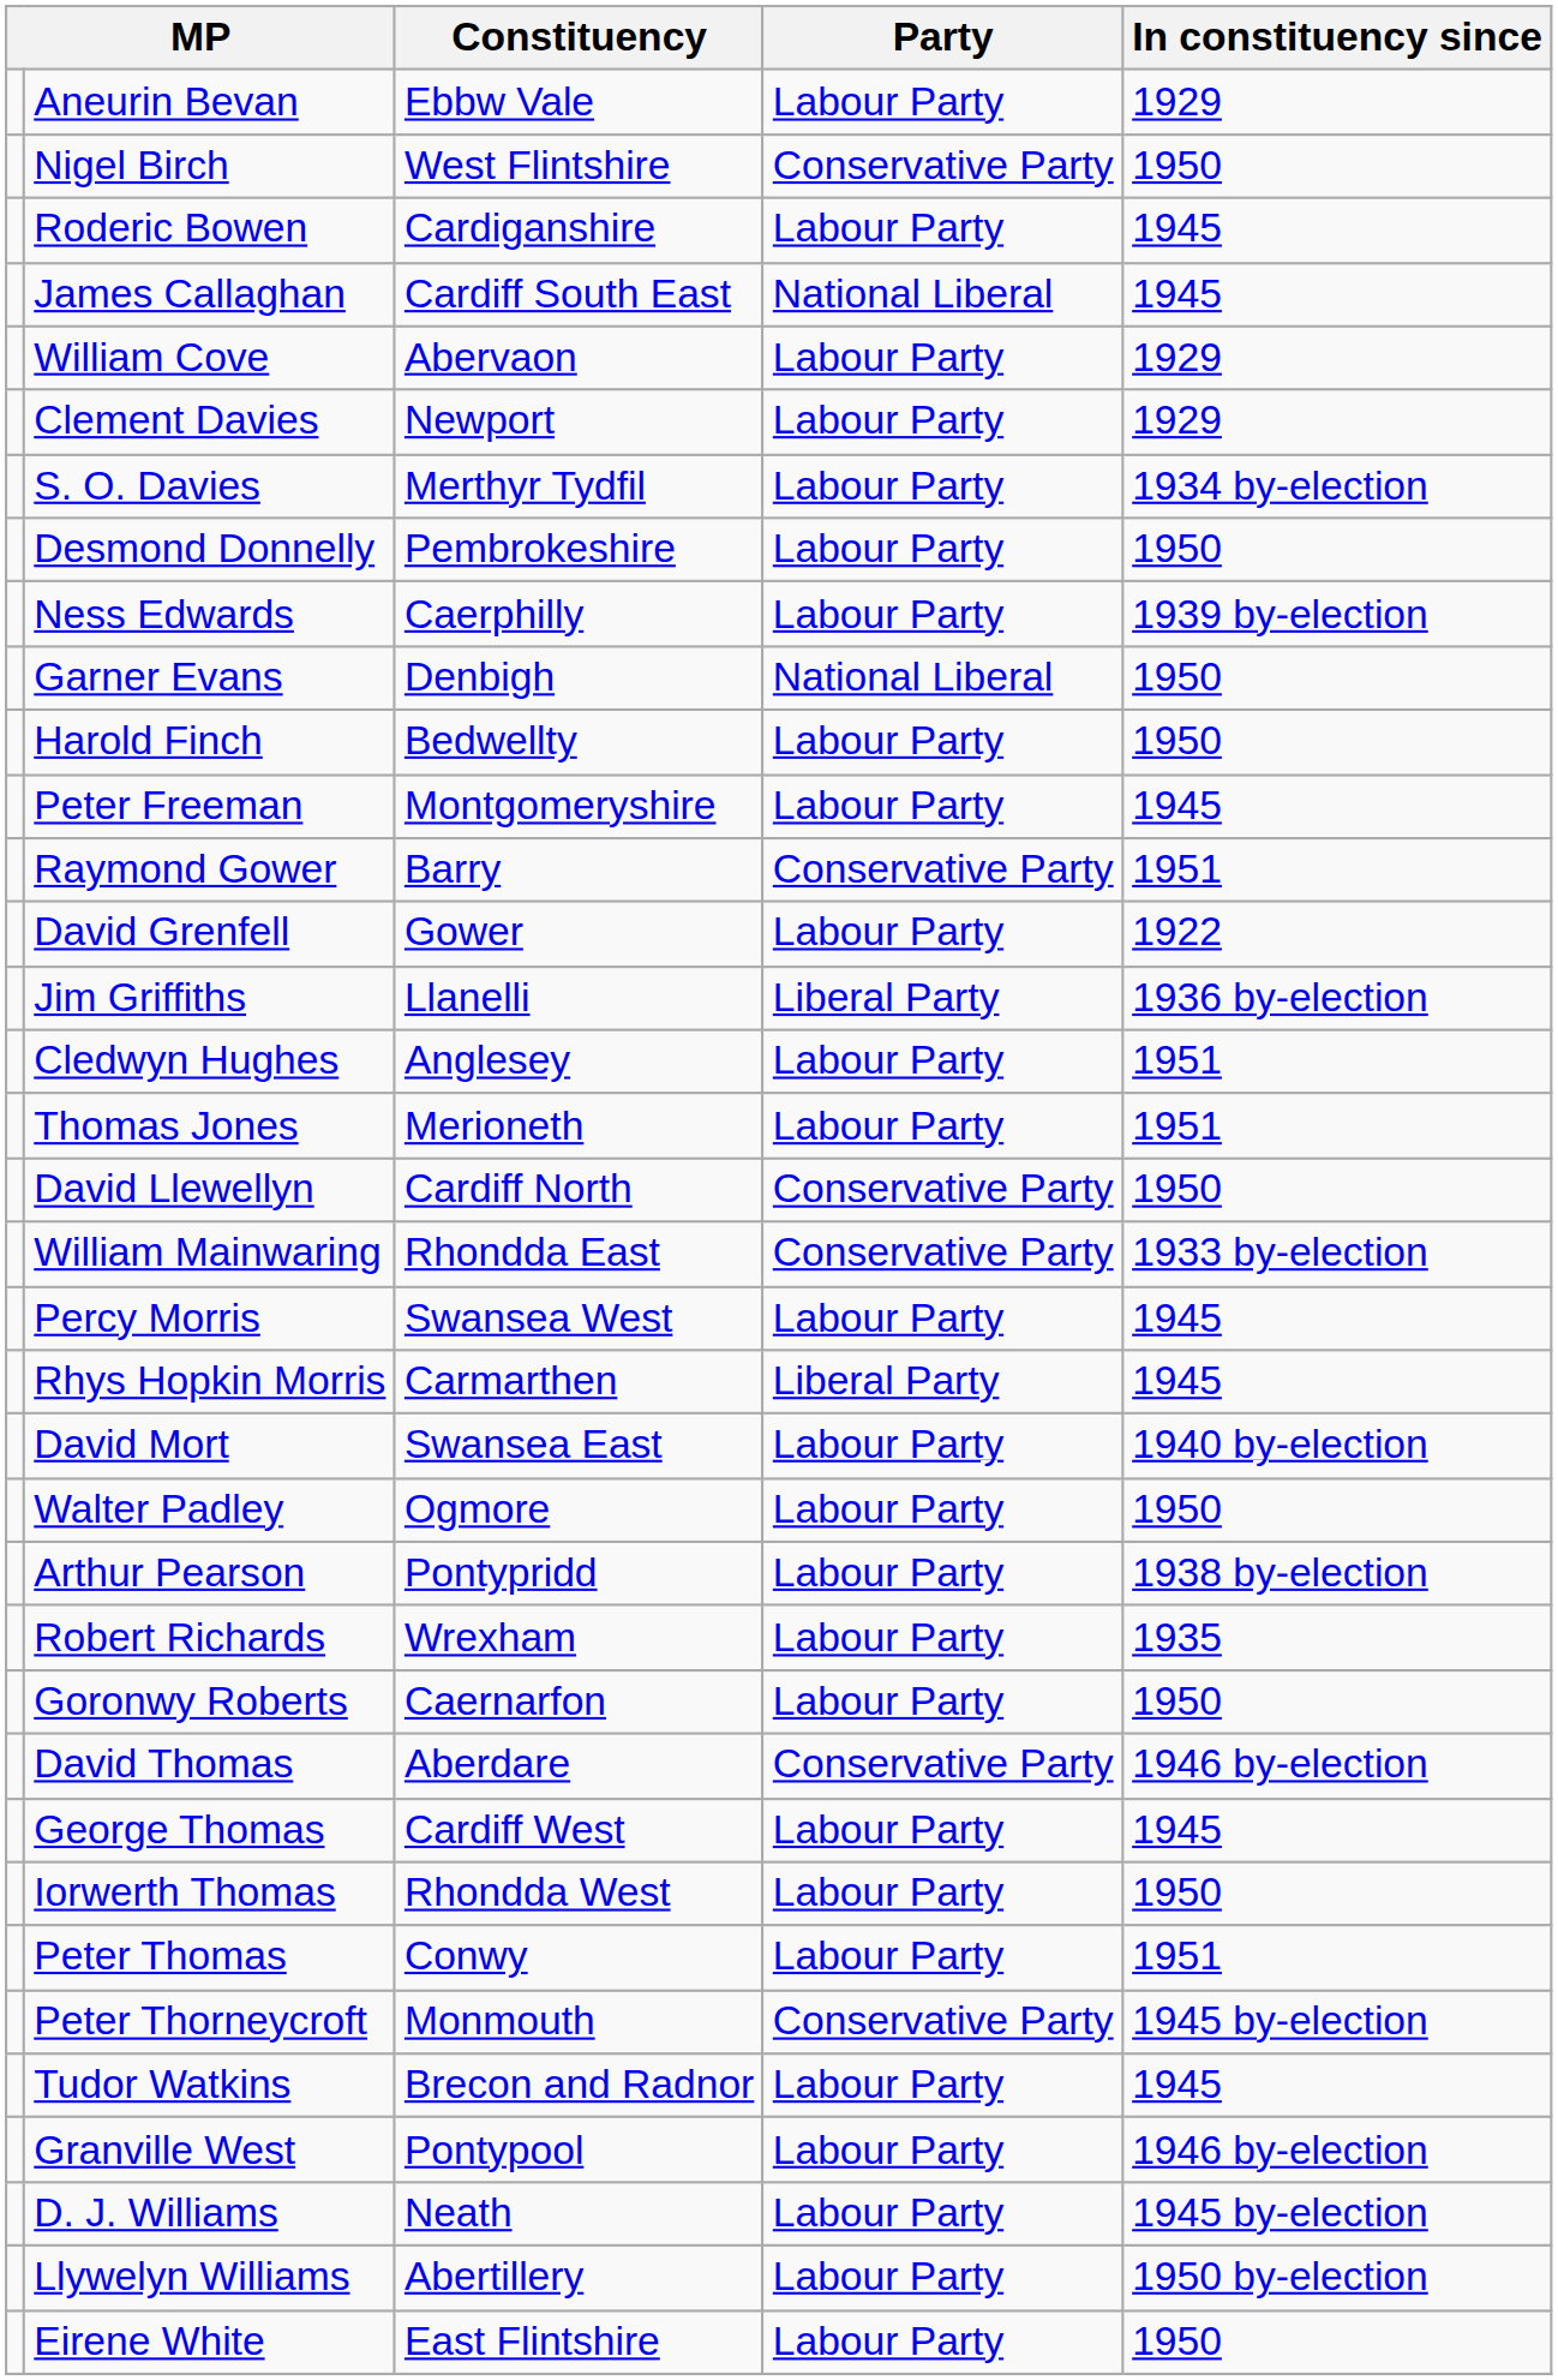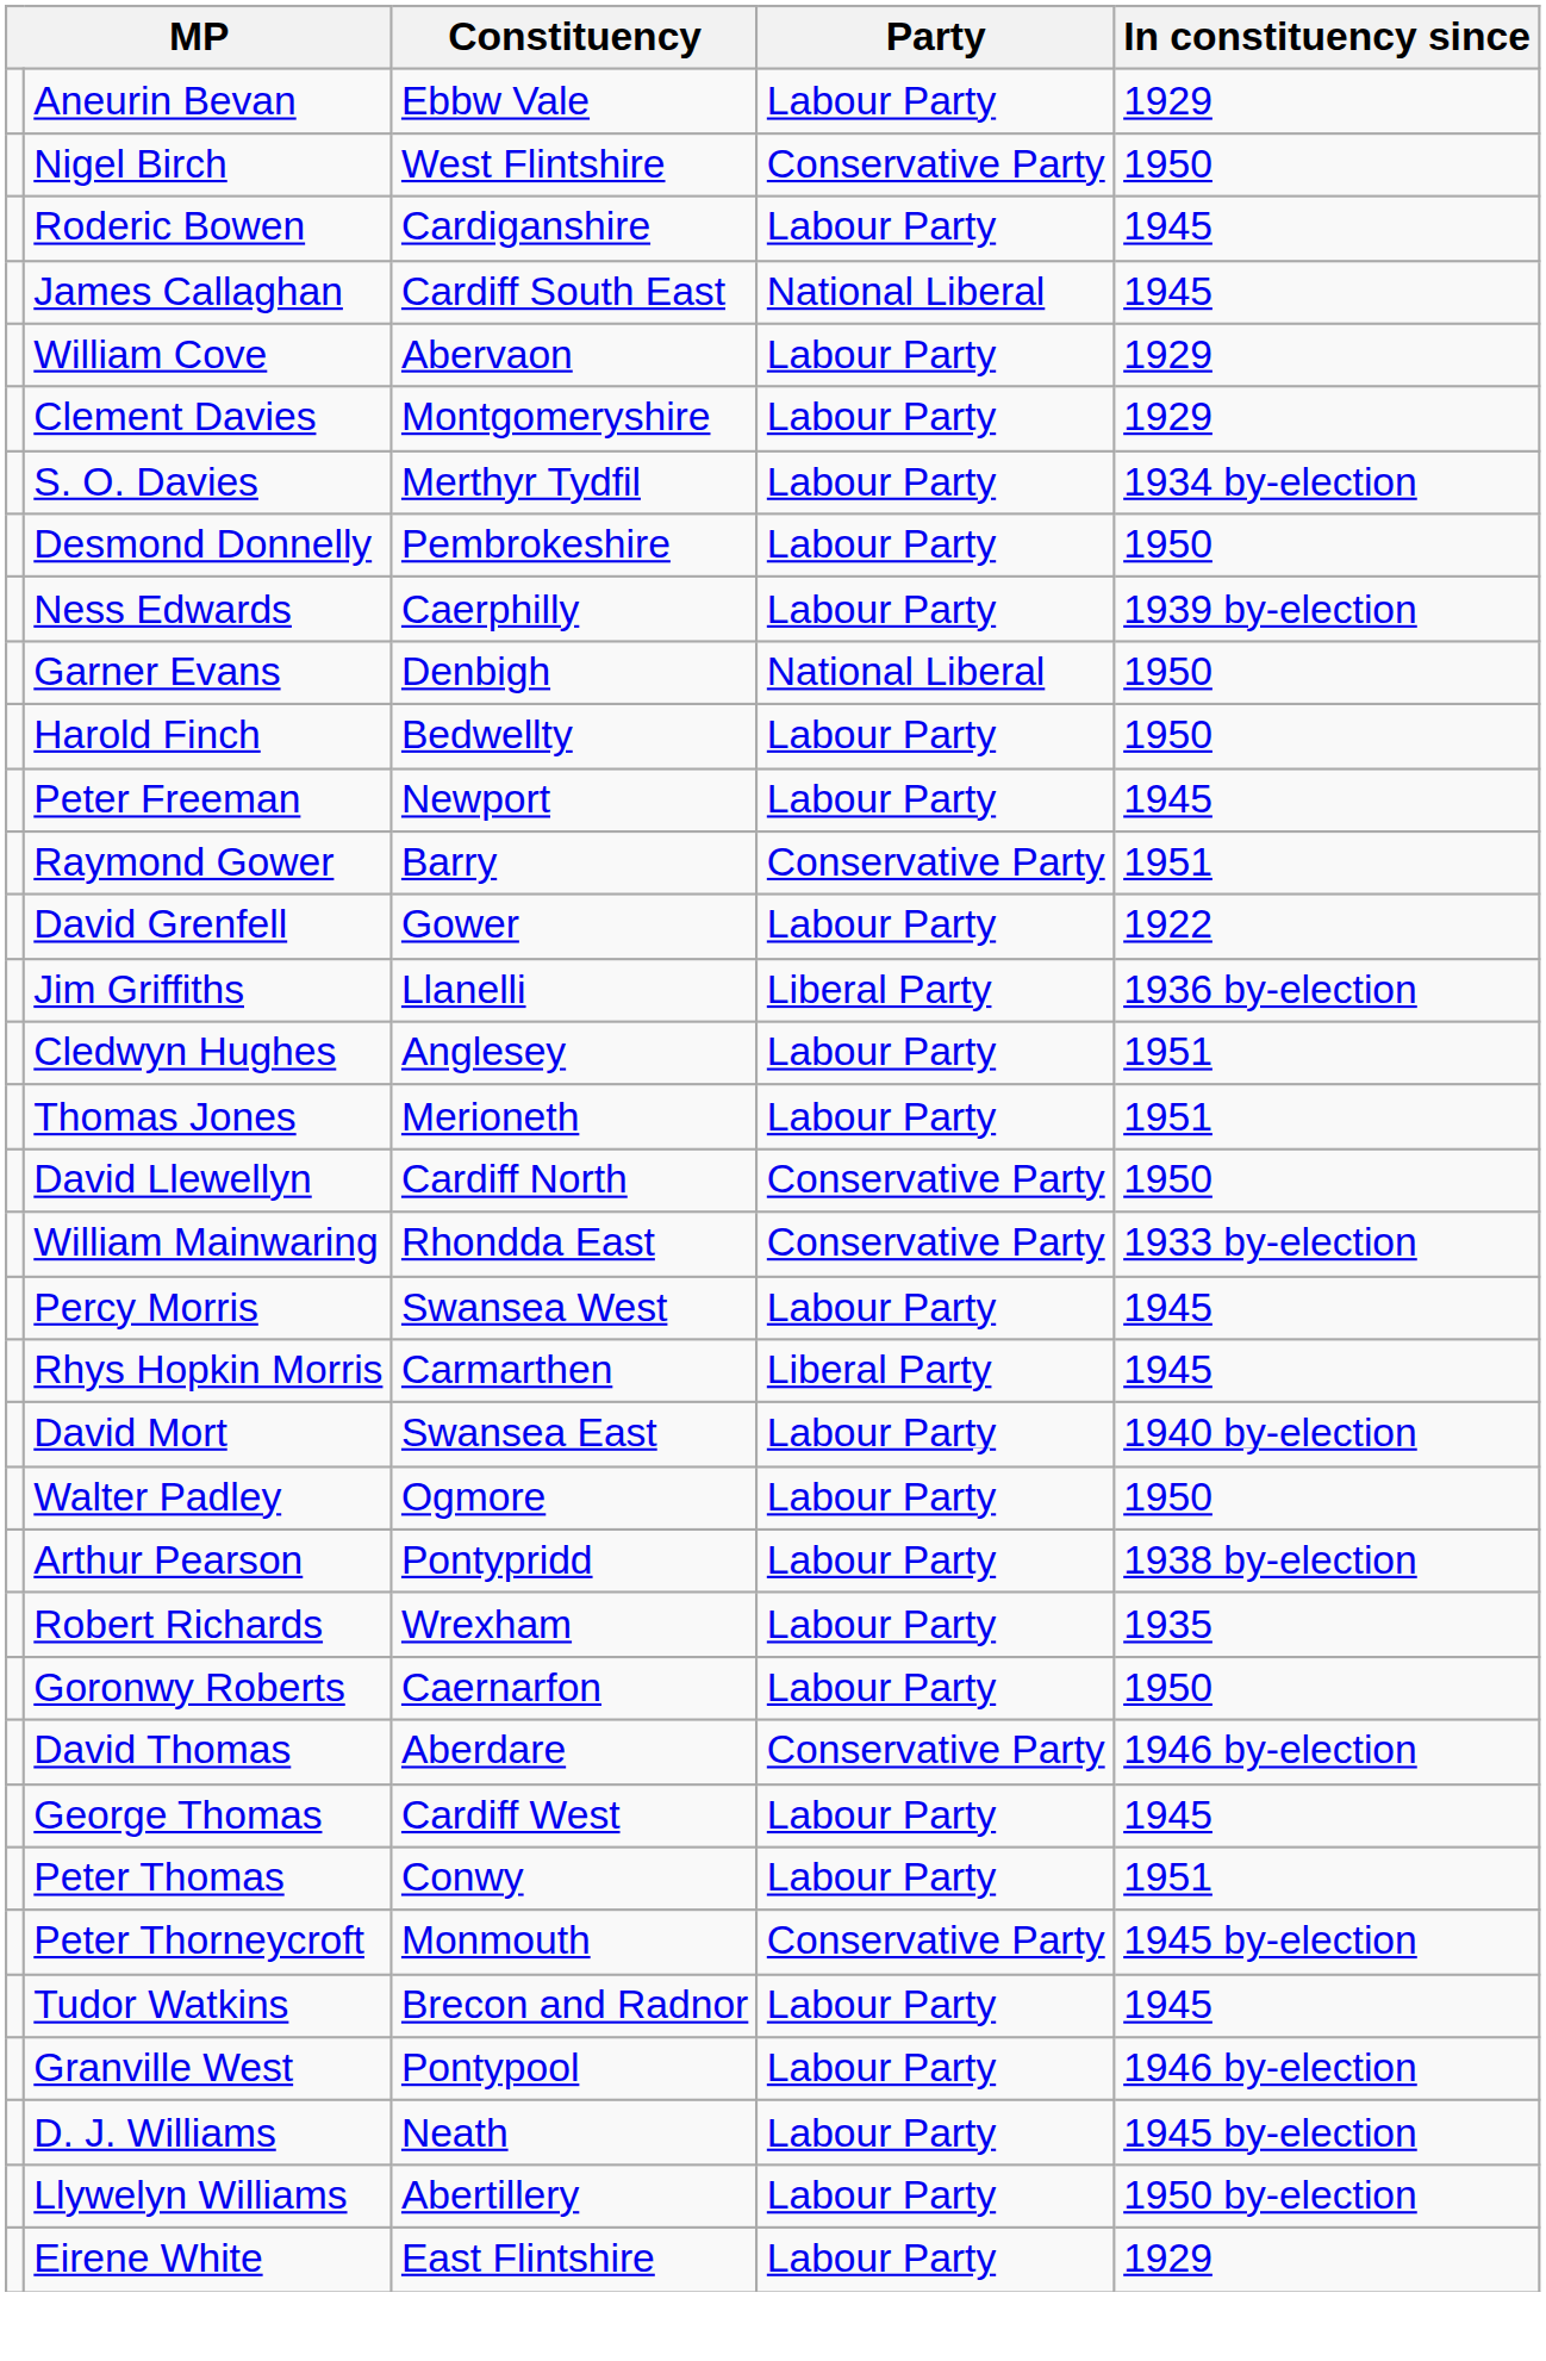 <table class="wikitable sortable">
 <tr>
 <th colspan="2">MP</th>
 <th>Constituency</th>
 <th>Party</th>
 <th>In constituency since</th>
 </tr>
 <tr>
 <td style="color:inherit;background-color: "></td>
 <td><a href='#'>Aneurin Bevan</a></td>
 <td><a href='#'>Ebbw Vale</a></td>
 <td><a href='#'>Labour Party</a></td>
 <td><a href='#'>1929</a></td>
 </tr>
 <tr>
 <td style="color:inherit;background-color: "></td>
 <td><a href='#'>Nigel Birch</a></td>
 <td><a href='#'>West Flintshire</a></td>
 <td><a href='#'>Conservative Party</a></td>
 <td><a href='#'>1950</a></td>
 </tr>
 <tr>
 <td style="color:inherit;background-color: "></td>
 <td><a href='#'>Roderic Bowen</a></td>
 <td><a href='#'>Cardiganshire</a></td>
 <td><a href='#'>Labour Party</a></td>
 <td><a href='#'>1945</a></td>
 </tr>
 <tr>
 <td style="color:inherit;background-color: "></td>
 <td><a href='#'>James Callaghan</a></td>
 <td><a href='#'>Cardiff South East</a></td>
 <td><a href='#'>National Liberal</a></td>
 <td><a href='#'>1945</a></td>
 </tr>
 <tr>
 <td style="color:inherit;background-color: "></td>
 <td><a href='#'>William Cove</a></td>
 <td><a href='#'>Abervaon</a></td>
 <td><a href='#'>Labour Party</a></td>
 <td><a href='#'>1929</a></td>
 </tr>
 <tr>
 <td style="color:inherit;background-color: "></td>
 <td><a href='#'>Clement Davies</a></td>
-<td><a href='#'>Newport</a></td>
+<td><a href='#'>Montgomeryshire</a></td>
 <td><a href='#'>Labour Party</a></td>
 <td><a href='#'>1929</a></td>
 </tr>
 <tr>
 <td style="color:inherit;background-color: "></td>
 <td><a href='#'>S. O. Davies</a></td>
 <td><a href='#'>Merthyr Tydfil</a></td>
 <td><a href='#'>Labour Party</a></td>
 <td><a href='#'>1934 by-election</a></td>
 </tr>
 <tr>
 <td style="color:inherit;background-color: "></td>
 <td><a href='#'>Desmond Donnelly</a></td>
 <td><a href='#'>Pembrokeshire</a></td>
 <td><a href='#'>Labour Party</a></td>
 <td><a href='#'>1950</a></td>
 </tr>
 <tr>
 <td style="color:inherit;background-color: "></td>
 <td><a href='#'>Ness Edwards</a></td>
 <td><a href='#'>Caerphilly</a></td>
 <td><a href='#'>Labour Party</a></td>
 <td><a href='#'>1939 by-election</a></td>
 </tr>
 <tr>
 <td style="color:inherit;background-color: "></td>
 <td><a href='#'>Garner Evans</a></td>
 <td><a href='#'>Denbigh</a></td>
 <td><a href='#'>National Liberal</a></td>
 <td><a href='#'>1950</a></td>
 </tr>
 <tr>
 <td style="color:inherit;background-color: "></td>
 <td><a href='#'>Harold Finch</a></td>
 <td><a href='#'>Bedwellty</a></td>
 <td><a href='#'>Labour Party</a></td>
 <td><a href='#'>1950</a></td>
 </tr>
 <tr>
 <td style="color:inherit;background-color: "></td>
 <td><a href='#'>Peter Freeman</a></td>
-<td><a href='#'>Montgomeryshire</a></td>
+<td><a href='#'>Newport</a></td>
 <td><a href='#'>Labour Party</a></td>
 <td><a href='#'>1945</a></td>
 </tr>
 <tr>
 <td style="color:inherit;background-color: "></td>
 <td><a href='#'>Raymond Gower</a></td>
 <td><a href='#'>Barry</a></td>
 <td><a href='#'>Conservative Party</a></td>
 <td><a href='#'>1951</a></td>
 </tr>
 <tr>
 <td style="color:inherit;background-color: "></td>
 <td><a href='#'>David Grenfell</a></td>
 <td><a href='#'>Gower</a></td>
 <td><a href='#'>Labour Party</a></td>
 <td><a href='#'>1922</a></td>
 </tr>
 <tr>
 <td style="color:inherit;background-color: "></td>
 <td><a href='#'>Jim Griffiths</a></td>
 <td><a href='#'>Llanelli</a></td>
 <td><a href='#'>Liberal Party</a></td>
 <td><a href='#'>1936 by-election</a></td>
 </tr>
 <tr>
 <td style="color:inherit;background-color: "></td>
 <td><a href='#'>Cledwyn Hughes</a></td>
 <td><a href='#'>Anglesey</a></td>
 <td><a href='#'>Labour Party</a></td>
 <td><a href='#'>1951</a></td>
 </tr>
 <tr>
 <td style="color:inherit;background-color: "></td>
 <td><a href='#'>Thomas Jones</a></td>
 <td><a href='#'>Merioneth</a></td>
 <td><a href='#'>Labour Party</a></td>
 <td><a href='#'>1951</a></td>
 </tr>
 <tr>
 <td style="color:inherit;background-color: "></td>
 <td><a href='#'>David Llewellyn</a></td>
 <td><a href='#'>Cardiff North</a></td>
 <td><a href='#'>Conservative Party</a></td>
 <td><a href='#'>1950</a></td>
 </tr>
 <tr>
 <td style="color:inherit;background-color: "></td>
 <td><a href='#'>William Mainwaring</a></td>
 <td><a href='#'>Rhondda East</a></td>
 <td><a href='#'>Conservative Party</a></td>
 <td><a href='#'>1933 by-election</a></td>
 </tr>
 <tr>
 <td style="color:inherit;background-color: "></td>
 <td><a href='#'>Percy Morris</a></td>
 <td><a href='#'>Swansea West</a></td>
 <td><a href='#'>Labour Party</a></td>
 <td><a href='#'>1945</a></td>
 </tr>
 <tr>
 <td style="color:inherit;background-color: "></td>
 <td><a href='#'>Rhys Hopkin Morris</a></td>
 <td><a href='#'>Carmarthen</a></td>
 <td><a href='#'>Liberal Party</a></td>
 <td><a href='#'>1945</a></td>
 </tr>
 <tr>
 <td style="color:inherit;background-color: "></td>
 <td><a href='#'>David Mort</a></td>
 <td><a href='#'>Swansea East</a></td>
 <td><a href='#'>Labour Party</a></td>
 <td><a href='#'>1940 by-election</a></td>
 </tr>
 <tr>
 <td style="color:inherit;background-color: "></td>
 <td><a href='#'>Walter Padley</a></td>
 <td><a href='#'>Ogmore</a></td>
 <td><a href='#'>Labour Party</a></td>
 <td><a href='#'>1950</a></td>
 </tr>
 <tr>
 <td style="color:inherit;background-color: "></td>
 <td><a href='#'>Arthur Pearson</a></td>
 <td><a href='#'>Pontypridd</a></td>
 <td><a href='#'>Labour Party</a></td>
 <td><a href='#'>1938 by-election</a></td>
 </tr>
 <tr>
 <td style="color:inherit;background-color: "></td>
 <td><a href='#'>Robert Richards</a></td>
 <td><a href='#'>Wrexham</a></td>
 <td><a href='#'>Labour Party</a></td>
 <td><a href='#'>1935</a></td>
 </tr>
 <tr>
 <td style="color:inherit;background-color: "></td>
 <td><a href='#'>Goronwy Roberts</a></td>
 <td><a href='#'>Caernarfon</a></td>
 <td><a href='#'>Labour Party</a></td>
 <td><a href='#'>1950</a></td>
 </tr>
 <tr>
 <td style="color:inherit;background-color: "></td>
 <td><a href='#'>David Thomas</a></td>
 <td><a href='#'>Aberdare</a></td>
 <td><a href='#'>Conservative Party</a></td>
 <td><a href='#'>1946 by-election</a></td>
 </tr>
 <tr>
 <td style="color:inherit;background-color: "></td>
 <td><a href='#'>George Thomas</a></td>
 <td><a href='#'>Cardiff West</a></td>
 <td><a href='#'>Labour Party</a></td>
 <td><a href='#'>1945</a></td>
 </tr>
 <tr>
 <td style="color:inherit;background-color: "></td>
-<td><a href='#'>Iorwerth Thomas</a></td>
-<td><a href='#'>Rhondda West</a></td>
-<td><a href='#'>Labour Party</a></td>
-<td><a href='#'>1950</a></td>
-</tr>
-<tr>
-<td style="color:inherit;background-color: "></td>
 <td><a href='#'>Peter Thomas</a></td>
 <td><a href='#'>Conwy</a></td>
 <td><a href='#'>Labour Party</a></td>
 <td><a href='#'>1951</a></td>
 </tr>
 <tr>
 <td style="color:inherit;background-color: "></td>
 <td><a href='#'>Peter Thorneycroft</a></td>
 <td><a href='#'>Monmouth</a></td>
 <td><a href='#'>Conservative Party</a></td>
 <td><a href='#'>1945 by-election</a></td>
 </tr>
 <tr>
 <td style="color:inherit;background-color: "></td>
 <td><a href='#'>Tudor Watkins</a></td>
 <td><a href='#'>Brecon and Radnor</a></td>
 <td><a href='#'>Labour Party</a></td>
 <td><a href='#'>1945</a></td>
 </tr>
 <tr>
 <td style="color:inherit;background-color: "></td>
 <td><a href='#'>Granville West</a></td>
 <td><a href='#'>Pontypool</a></td>
 <td><a href='#'>Labour Party</a></td>
 <td><a href='#'>1946 by-election</a></td>
 </tr>
 <tr>
 <td style="color:inherit;background-color: "></td>
 <td><a href='#'>D. J. Williams</a></td>
 <td><a href='#'>Neath</a></td>
 <td><a href='#'>Labour Party</a></td>
 <td><a href='#'>1945 by-election</a></td>
 </tr>
 <tr>
 <td style="color:inherit;background-color: "></td>
 <td><a href='#'>Llywelyn Williams</a></td>
 <td><a href='#'>Abertillery</a></td>
 <td><a href='#'>Labour Party</a></td>
 <td><a href='#'>1950 by-election</a></td>
 </tr>
 <tr>
 <td style="color:inherit;background-color: "></td>
 <td><a href='#'>Eirene White</a></td>
 <td><a href='#'>East Flintshire</a></td>
 <td><a href='#'>Labour Party</a></td>
-<td><a href='#'>1950</a></td>
+<td><a href='#'>1929</a></td>
 </tr>
 </table>
